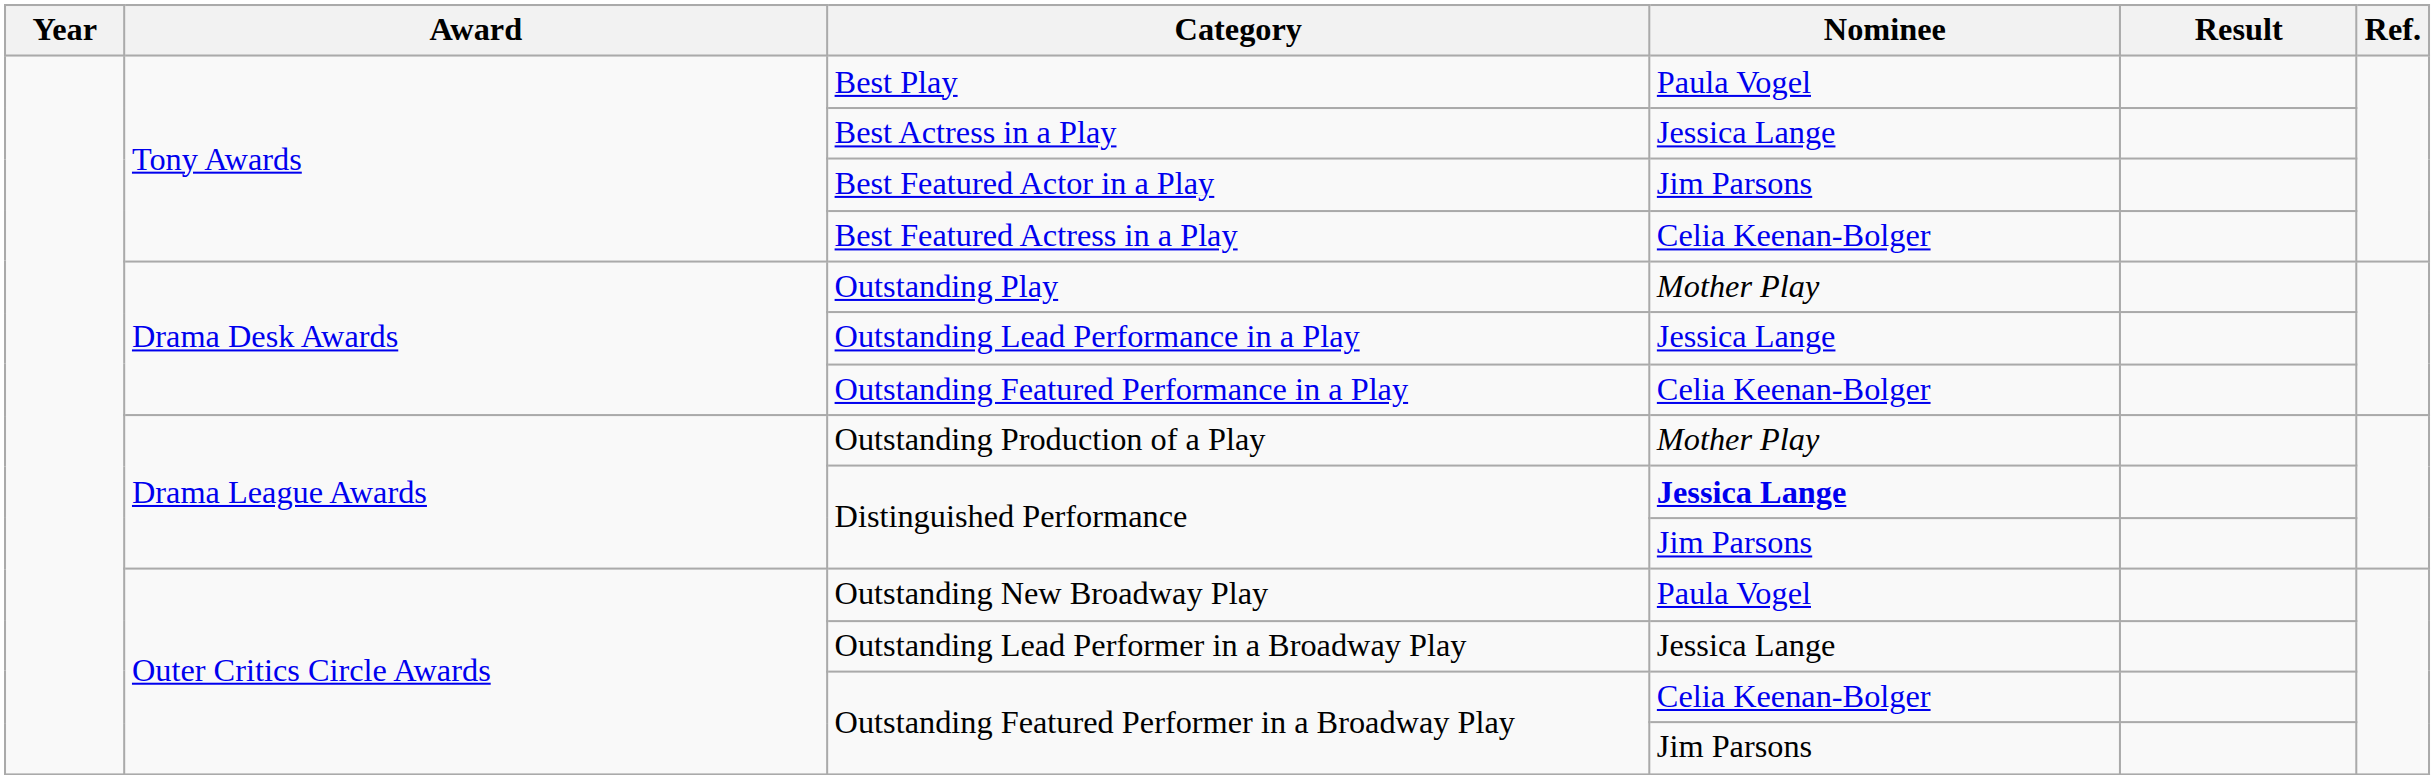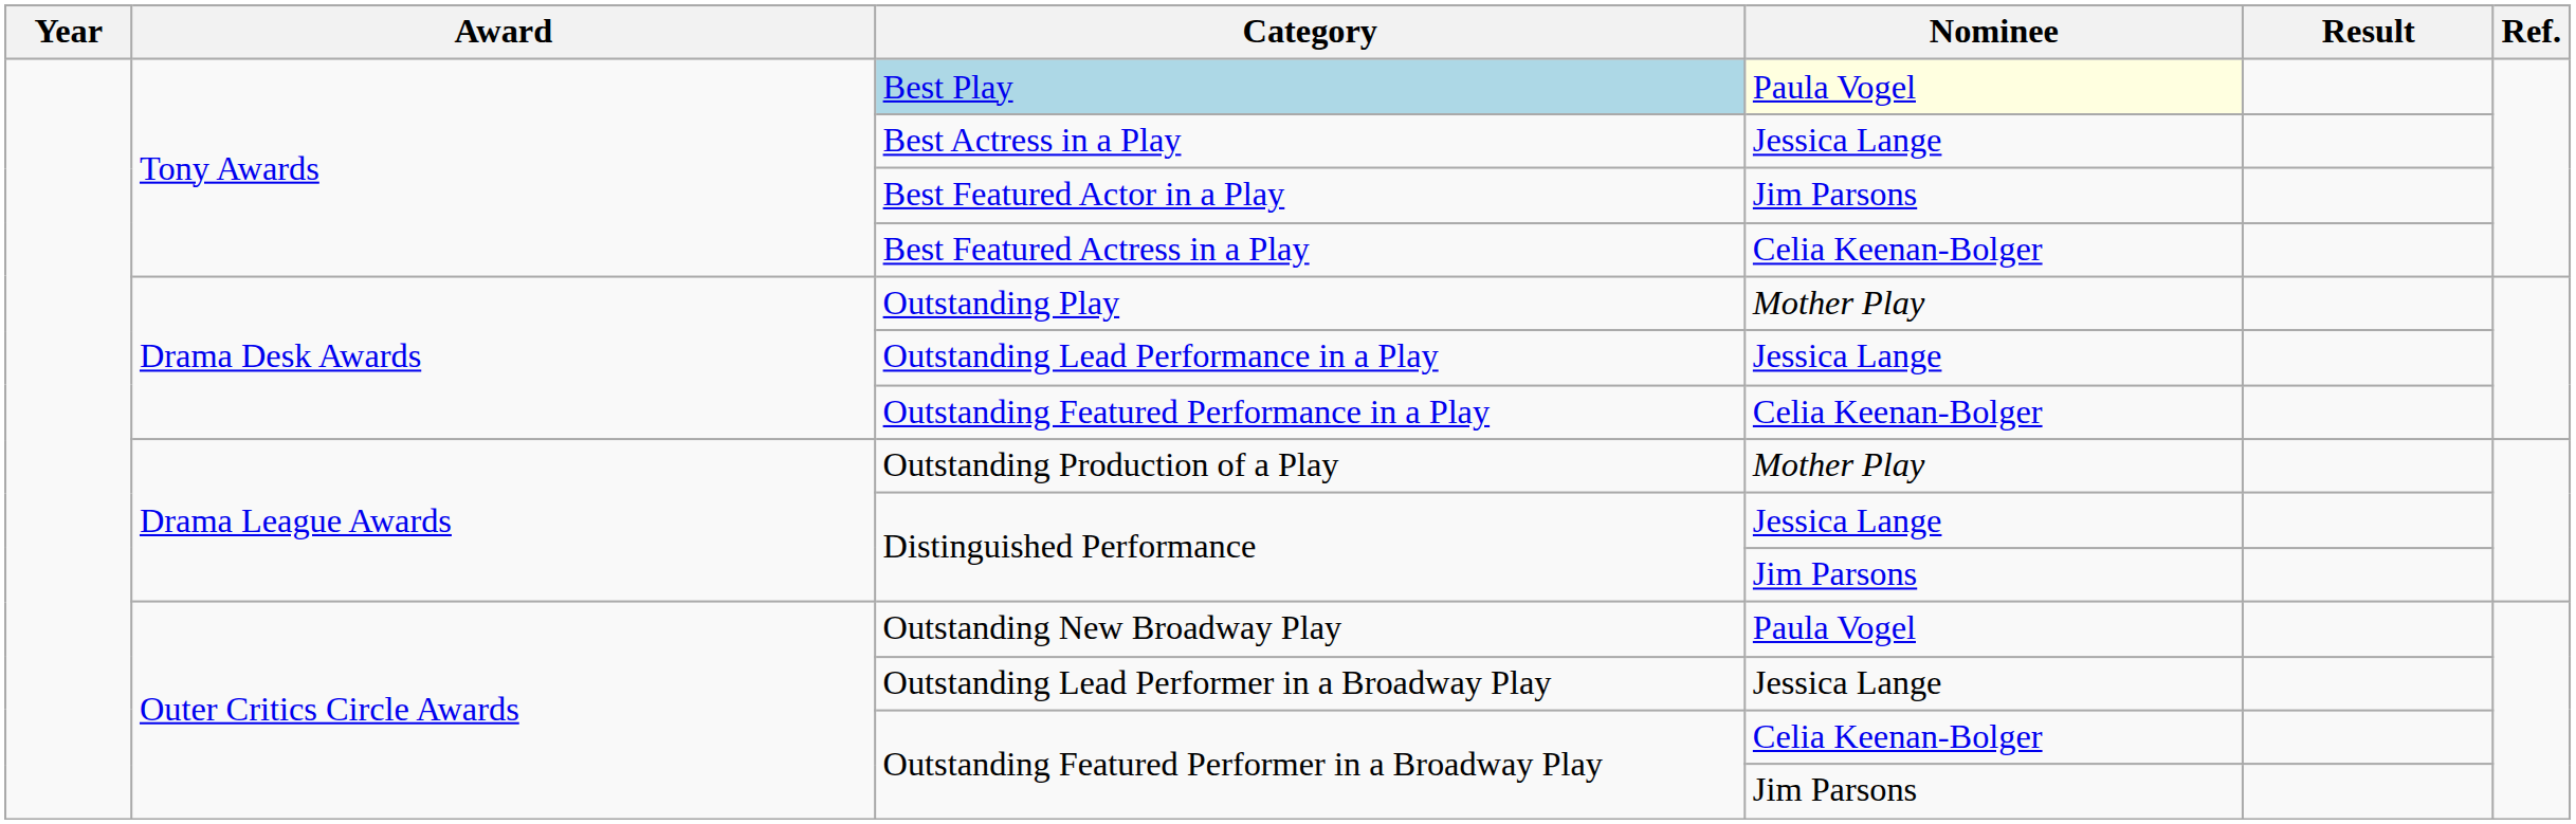 <table class="wikitable" width="95%">
 <tr>
 <th width="5%">Year</th>
 <th width="30%">Award</th>
 <th width="35%">Category</th>
 <th width="20%">Nominee</th>
 <th width="10%">Result</th>
 <th class=unsortable>Ref.</th>
 </tr>
 <tr>
 <td rowspan=14></td>
 <td rowspan=4><a href='#'>Tony Awards</a></td>
-<td><a href='#'>Best Play</a></td>
-<td><a href='#'>Paula Vogel</a></td>
+<td style="background: lightblue;"><a href='#'>Best Play</a></td>
+<td style="background: lightyellow;"><a href='#'>Paula Vogel</a></td>
 <td></td>
 <td rowspan=4></td>
 </tr>
 <tr>
 <td><a href='#'>Best Actress in a Play</a></td>
 <td><a href='#'>Jessica Lange</a></td>
 <td></td>
 </tr>
 <tr>
 <td><a href='#'>Best Featured Actor in a Play</a></td>
 <td><a href='#'>Jim Parsons</a></td>
 <td></td>
 </tr>
 <tr>
 <td><a href='#'>Best Featured Actress in a Play</a></td>
 <td><a href='#'>Celia Keenan-Bolger</a></td>
 <td></td>
 </tr>
 <tr>
 <td rowspan=3><a href='#'>Drama Desk Awards</a></td>
 <td><a href='#'>Outstanding Play</a></td>
 <td><em>Mother Play</em></td>
 <td></td>
 <td rowspan=3></td>
 </tr>
 <tr>
 <td><a href='#'>Outstanding Lead Performance in a Play</a></td>
 <td><a href='#'>Jessica Lange</a></td>
 <td></td>
 </tr>
 <tr>
 <td><a href='#'>Outstanding Featured Performance in a Play</a></td>
 <td><a href='#'>Celia Keenan-Bolger</a></td>
 <td></td>
 </tr>
 <tr>
 <td rowspan=3><a href='#'>Drama League Awards</a></td>
 <td>Outstanding Production of a Play</td>
 <td><em>Mother Play</em></td>
 <td></td>
 <td rowspan=3></td>
 </tr>
 <tr>
 <td rowspan=2>Distinguished Performance</td>
-<td><strong><a href='#'>Jessica Lange</a></strong></td>
+<td><a href='#'>Jessica Lange</a></td>
 <td></td>
 </tr>
 <tr>
 <td><a href='#'>Jim Parsons</a></td>
 <td></td>
 </tr>
 <tr>
 <td rowspan=4><a href='#'>Outer Critics Circle Awards</a></td>
 <td>Outstanding New Broadway Play</td>
 <td><a href='#'>Paula Vogel</a></td>
 <td></td>
 <td rowspan=4></td>
 </tr>
 <tr>
 <td>Outstanding Lead Performer in a Broadway Play</td>
 <td>Jessica Lange</td>
 <td></td>
 </tr>
 <tr>
 <td rowspan=2>Outstanding Featured Performer in a Broadway Play</td>
 <td><a href='#'>Celia Keenan-Bolger</a></td>
 <td></td>
 </tr>
 <tr>
 <td>Jim Parsons</td>
 <td></td>
 </tr>
 <tr>
 </tr>
 </table>
